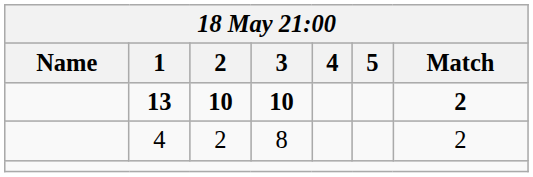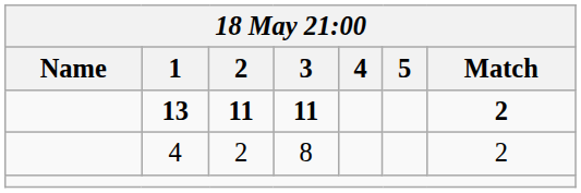 <table class=wikitable style="text-align:center; width: 55%">
 <tr>
 <th colspan=17><em>18 May 21:00</em></th>
 </tr>
 <tr>
 <th>Name</th>
 <th>1</th>
 <th>2</th>
 <th>3</th>
 <th>4</th>
 <th>5</th>
 <th>Match</th>
 </tr>
 <tr>
 <td style="text-align:left;"><strong></strong></td>
 <td><strong>13</strong></td>
-<td><strong>10</strong></td>
-<td><strong>10</strong></td>
+<td><strong>11</strong></td>
+<td><strong>11</strong></td>
 <td></td>
 <td></td>
 <td><strong>2</strong></td>
 </tr>
 <tr>
 <td style="text-align:left;"></td>
 <td>4</td>
 <td>2</td>
 <td>8</td>
 <td></td>
 <td></td>
 <td>2</td>
 </tr>
 <tr>
 <td colspan=17></td>
 </tr>
 </table>
